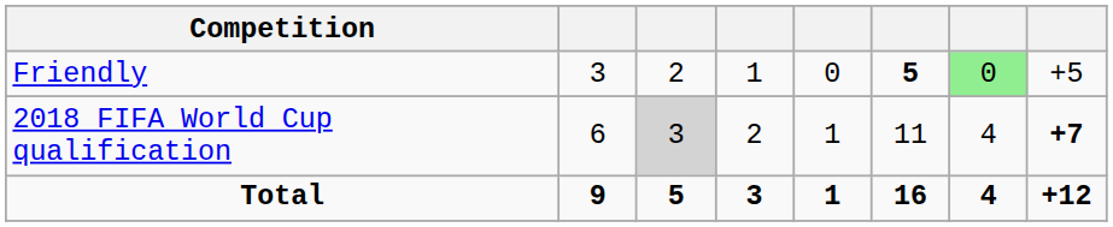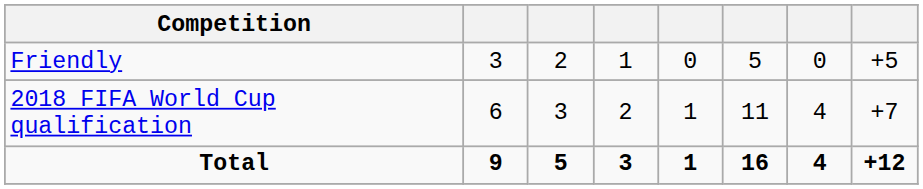 <table class="wikitable" style="text-align: center;">
 <tr>
 <th width=250>Competition</th>
 <th width=30></th>
 <th width=30></th>
 <th width=30></th>
 <th width=30></th>
 <th width=30></th>
 <th width=30></th>
 <th width=30></th>
 </tr>
 <tr>
 <td align=left><a href='#'>Friendly</a></td>
 <td>3</td>
 <td>2</td>
 <td>1</td>
 <td>0</td>
-<td><strong>5</strong></td>
-<td style="background: lightgreen;">0</td>
+<td>5</td>
+<td>0</td>
 <td>+5</td>
 </tr>
 <tr>
 <td align=left><a href='#'>2018 FIFA World Cup qualification</a></td>
 <td>6</td>
-<td style="background: lightgrey;">3</td>
+<td>3</td>
 <td>2</td>
 <td>1</td>
 <td>11</td>
 <td>4</td>
-<td><strong>+7</strong></td>
+<td>+7</td>
 </tr>
 <tr>
 <td><strong>Total</strong></td>
 <td><strong>9</strong></td>
 <td><strong>5</strong></td>
 <td><strong>3</strong></td>
 <td><strong>1</strong></td>
 <td><strong>16</strong></td>
 <td><strong>4</strong></td>
 <td><strong>+12</strong></td>
 </tr>
 </table>
